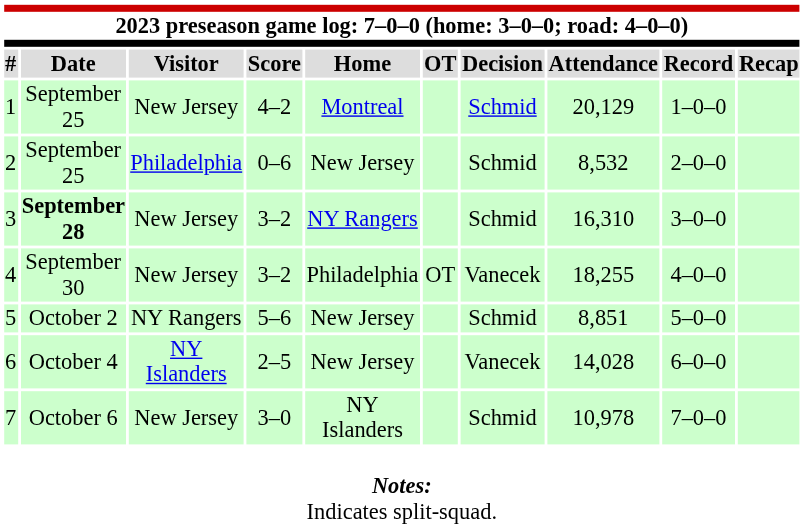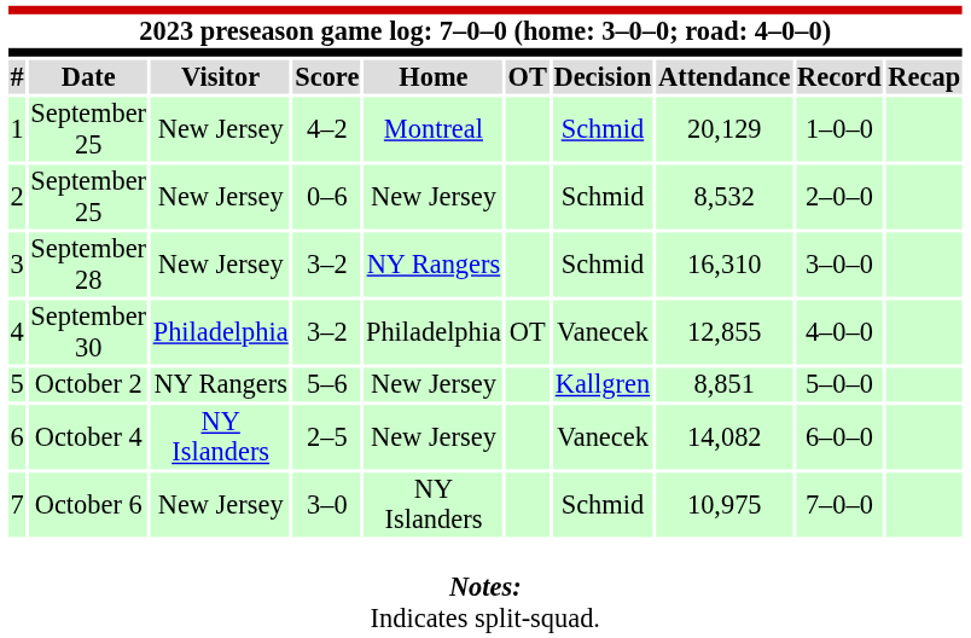 <table class="toccolours collapsible collapsed" style="width:90%; clear:both; margin:1.5em auto; text-align:center;">
 <tr>
 <th colspan="10" style="background:#FFFFFF; border-top:#CC0000 5px solid; border-bottom:#000000 5px solid;">2023 preseason game log: 7–0–0 (home: 3–0–0; road: 4–0–0)</th>
 </tr>
 <tr style="background:#ddd;">
 <th>#</th>
 <th>Date</th>
 <th>Visitor</th>
 <th>Score</th>
 <th>Home</th>
 <th>OT</th>
 <th>Decision</th>
 <th>Attendance</th>
 <th>Record</th>
 <th>Recap</th>
 </tr>
 <tr style="background:#cfc;">
 <td>1</td>
 <td>September 25</td>
 <td>New Jersey</td>
 <td>4–2</td>
 <td><a href='#'>Montreal</a></td>
 <td></td>
 <td><a href='#'>Schmid</a></td>
 <td>20,129</td>
 <td>1–0–0</td>
 <td></td>
 </tr>
 <tr style="background:#cfc;">
 <td>2</td>
 <td>September 25</td>
-<td><a href='#'>Philadelphia</a></td>
+<td>New Jersey</td>
 <td>0–6</td>
 <td>New Jersey</td>
 <td></td>
 <td>Schmid</td>
 <td>8,532</td>
 <td>2–0–0</td>
 <td></td>
 </tr>
 <tr style="background:#cfc;">
 <td>3</td>
-<td><strong>September 28</strong></td>
+<td>September 28</td>
 <td>New Jersey</td>
 <td>3–2</td>
 <td><a href='#'>NY Rangers</a></td>
 <td></td>
 <td>Schmid</td>
 <td>16,310</td>
 <td>3–0–0</td>
 <td></td>
 </tr>
 <tr style="background:#cfc;">
 <td>4</td>
 <td>September 30</td>
-<td>New Jersey</td>
+<td><a href='#'>Philadelphia</a></td>
 <td>3–2</td>
 <td>Philadelphia</td>
 <td>OT</td>
 <td>Vanecek</td>
-<td>18,255</td>
+<td>12,855</td>
 <td>4–0–0</td>
 <td></td>
 </tr>
 <tr style="background:#cfc;">
 <td>5</td>
 <td>October 2</td>
 <td>NY Rangers</td>
 <td>5–6</td>
 <td>New Jersey</td>
 <td></td>
-<td>Schmid</td>
+<td><a href='#'>Kallgren</a></td>
 <td>8,851</td>
 <td>5–0–0</td>
 <td></td>
 </tr>
 <tr style="background:#cfc;">
 <td>6</td>
 <td>October 4</td>
 <td><a href='#'>NY Islanders</a></td>
 <td>2–5</td>
 <td>New Jersey</td>
 <td></td>
 <td>Vanecek</td>
-<td>14,028</td>
+<td>14,082</td>
 <td>6–0–0</td>
 <td></td>
 </tr>
 <tr style="background:#cfc;">
 <td>7</td>
 <td>October 6</td>
 <td>New Jersey</td>
 <td>3–0</td>
 <td>NY Islanders</td>
 <td></td>
 <td>Schmid</td>
-<td>10,978</td>
+<td>10,975</td>
 <td>7–0–0</td>
 <td></td>
 </tr>
 <tr>
 <td colspan="10" style="text-align:center;"><br><strong><em>Notes:</em></strong><br>  Indicates split-squad.</td>
 </tr>
 </table>
